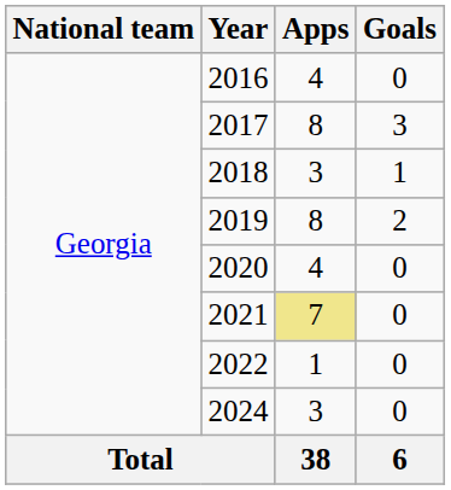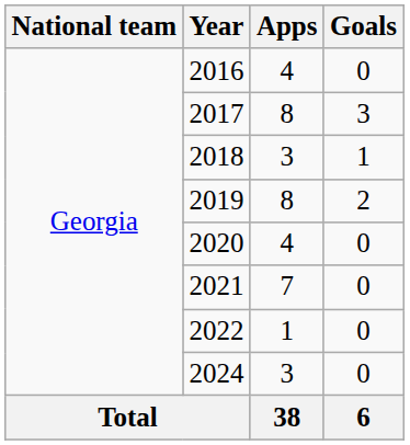 <table class="wikitable" style="text-align:center">
 <tr>
 <th>National team</th>
 <th>Year</th>
 <th>Apps</th>
 <th>Goals</th>
 </tr>
 <tr>
 <td rowspan="8"><a href='#'>Georgia</a></td>
 <td>2016</td>
 <td>4</td>
 <td>0</td>
 </tr>
 <tr>
 <td>2017</td>
 <td>8</td>
 <td>3</td>
 </tr>
 <tr>
 <td>2018</td>
 <td>3</td>
 <td>1</td>
 </tr>
 <tr>
 <td>2019</td>
 <td>8</td>
 <td>2</td>
 </tr>
 <tr>
 <td>2020</td>
 <td>4</td>
 <td>0</td>
 </tr>
 <tr>
 <td>2021</td>
-<td style="background: khaki;">7</td>
+<td>7</td>
 <td>0</td>
 </tr>
 <tr>
 <td>2022</td>
 <td>1</td>
 <td>0</td>
 </tr>
 <tr>
 <td>2024</td>
 <td>3</td>
 <td>0</td>
 </tr>
 <tr>
 <th colspan="2">Total</th>
 <th>38</th>
 <th>6</th>
 </tr>
 </table>
